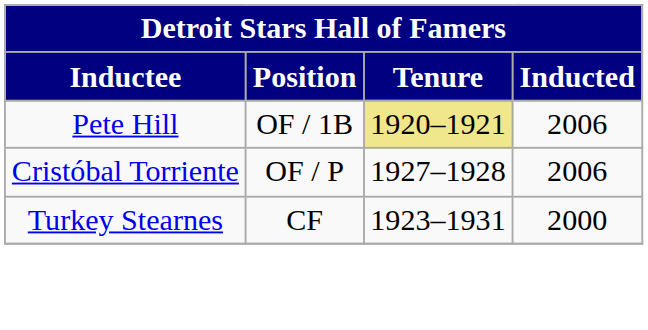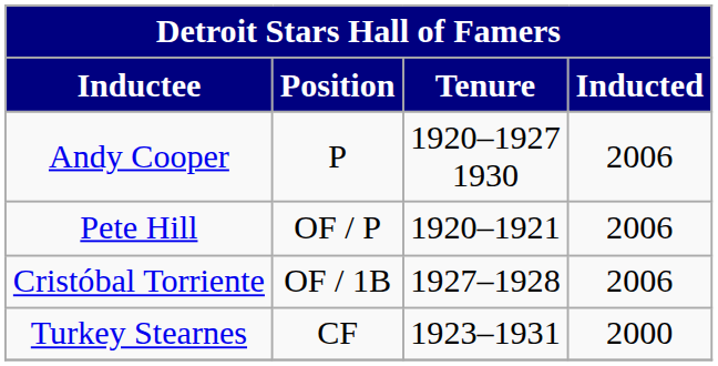 <table class="wikitable" style="text-align:center">
 <tr>
 <th colspan=4 style="background:navy; color:white;">Detroit Stars Hall of Famers</th>
 </tr>
 <tr>
 <th style="background:navy; color:white;">Inductee</th>
 <th style="background:navy; color:white;">Position</th>
 <th style="background:navy; color:white;">Tenure</th>
 <th style="background:navy; color:white;">Inducted</th>
 </tr>
 <tr>
+<td><a href='#'>Andy Cooper</a></td>
+<td>P</td>
+<td>1920–1927<br>1930</td>
+<td>2006</td>
+</tr>
+<tr>
 <td><a href='#'>Pete Hill</a></td>
-<td>OF / 1B</td>
-<td style="background: khaki;">1920–1921</td>
+<td>OF / P</td>
+<td>1920–1921</td>
 <td>2006</td>
 </tr>
 <tr>
 <td><a href='#'>Cristóbal Torriente</a></td>
-<td>OF / P</td>
+<td>OF / 1B</td>
 <td>1927–1928</td>
 <td>2006</td>
 </tr>
 <tr>
 <td><a href='#'>Turkey Stearnes</a></td>
 <td>CF</td>
 <td>1923–1931</td>
 <td>2000</td>
 </tr>
 <tr>
 </tr>
 </table>
